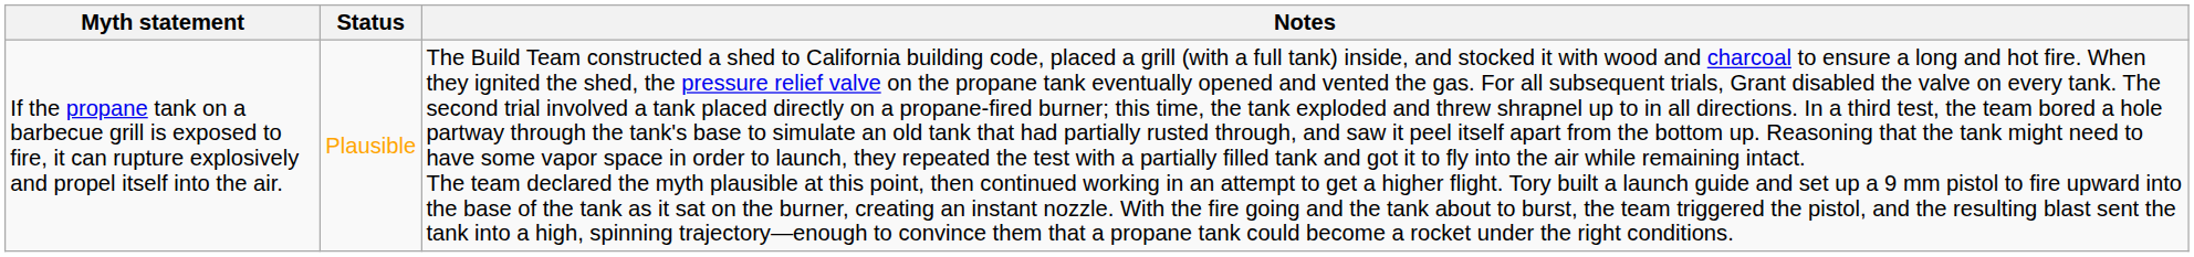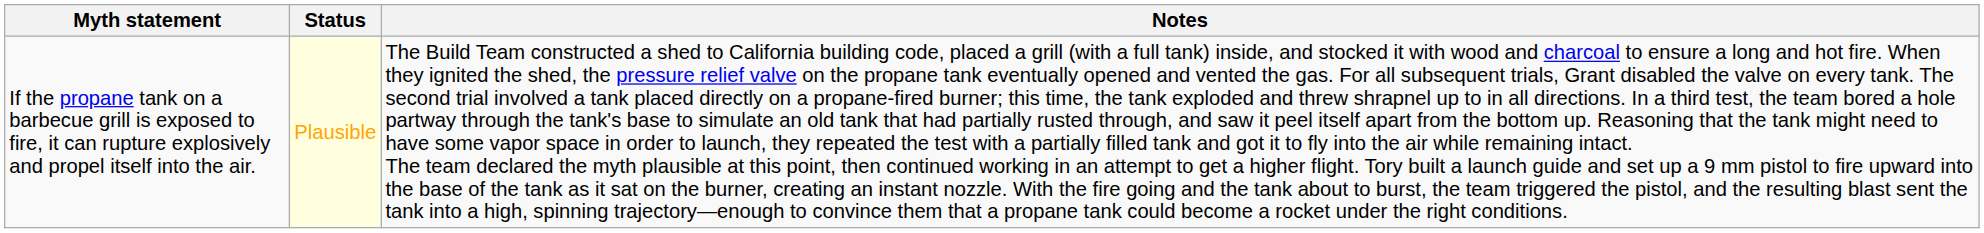 <table class="wikitable plainrowheaders">
 <tr>
 <th>Myth statement</th>
 <th>Status</th>
 <th>Notes</th>
 </tr>
 <tr>
 <td>If the <a href='#'>propane</a> tank on a barbecue grill is exposed to fire, it can rupture explosively and propel itself  into the air.</td>
-<td style="color:orange">Plausible</td>
+<td style="background: lightyellow; color:orange">Plausible</td>
 <td>The Build Team constructed a shed to California building code, placed a grill (with a full tank) inside, and stocked it with wood and <a href='#'>charcoal</a> to ensure a long and hot fire. When they ignited the shed, the <a href='#'>pressure relief valve</a> on the propane tank eventually opened and vented the gas. For all subsequent trials, Grant disabled the valve on every tank. The second trial involved a tank placed directly on a propane-fired burner; this time, the tank exploded and threw shrapnel up to  in all directions. In a third test, the team bored a hole partway through the tank's base to simulate an old tank that had partially rusted through, and saw it peel itself apart from the bottom up. Reasoning that the tank might need to have some vapor space in order to launch, they repeated the test with a partially filled tank and got it to fly  into the air while remaining intact.<br>The team declared the myth plausible at this point, then continued working in an attempt to get a higher flight. Tory built a launch guide and set up a 9 mm pistol to fire upward into the base of the tank as it sat on the burner, creating an instant nozzle. With the fire going and the tank about to burst, the team triggered the pistol, and the resulting blast sent the tank into a high, spinning trajectory—enough to convince them that a propane tank could become a rocket under the right conditions.</td>
 </tr>
 </table>
